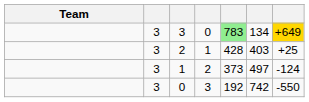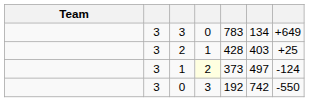 <table class="wikitable" style="text-align: center; font-size: 90%;">
 <tr>
 <th width=165>Team</th>
 <th width=25></th>
 <th width=25></th>
 <th width=25></th>
 <th width=25></th>
 <th width=25></th>
 <th width=25></th>
 </tr>
 <tr>
 <td style="text-align:left;"></td>
 <td>3</td>
 <td>3</td>
 <td>0</td>
-<td style="background: lightgreen;">783</td>
+<td>783</td>
 <td>134</td>
-<td style="background: gold;">+649</td>
+<td>+649</td>
 </tr>
 <tr>
 <td style="text-align:left;"></td>
 <td>3</td>
 <td>2</td>
 <td>1</td>
 <td>428</td>
 <td>403</td>
 <td>+25</td>
 </tr>
 <tr>
 <td style="text-align:left;"></td>
 <td>3</td>
 <td>1</td>
-<td>2</td>
+<td style="background: lightyellow;">2</td>
 <td>373</td>
 <td>497</td>
 <td>-124</td>
 </tr>
 <tr>
 <td style="text-align:left;"></td>
 <td>3</td>
 <td>0</td>
 <td>3</td>
 <td>192</td>
 <td>742</td>
 <td>-550</td>
 </tr>
 </table>
